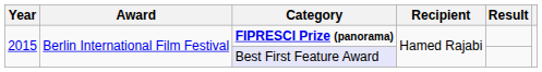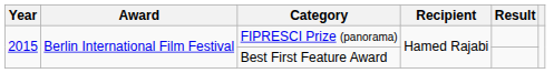 <table class="wikitable">
 <tr>
 <th>Year</th>
 <th>Award</th>
 <th>Category</th>
 <th>Recipient</th>
 <th>Result</th>
 <th></th>
 </tr>
 <tr>
 <td rowspan="2"><a href='#'>2015</a></td>
 <td rowspan="2"><a href='#'>Berlin International Film Festival</a></td>
-<td><strong><a href='#'>FIPRESCI Prize</a> <small>(panorama)</small></strong></td>
+<td><a href='#'>FIPRESCI Prize</a> <small>(panorama)</small></td>
 <td rowspan="2">Hamed Rajabi</td>
 <td></td>
 <td rowspan="2"></td>
 </tr>
 <tr>
-<td style="background: lavender;">Best First Feature Award</td>
+<td>Best First Feature Award</td>
 <td></td>
 </tr>
 </table>
